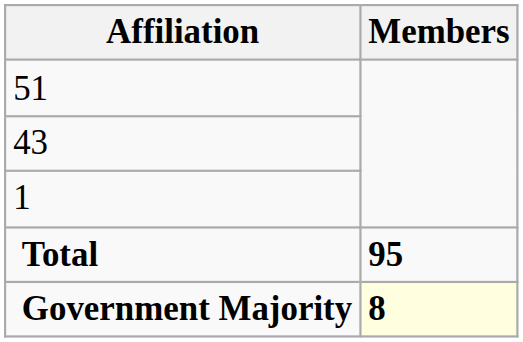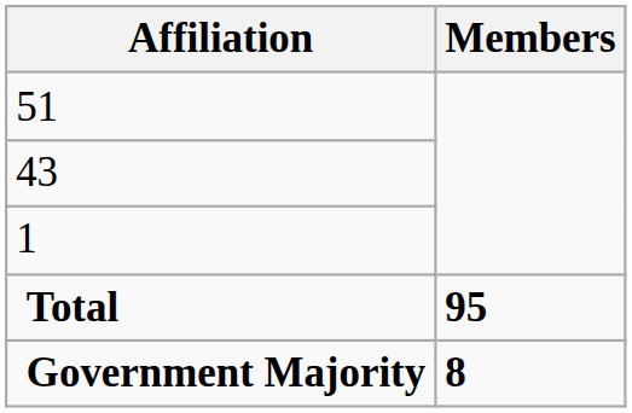 <table class="wikitable">
 <tr>
 <th colspan="2">Affiliation</th>
 <th>Members</th>
 </tr>
 <tr>
 <td>51</td>
 </tr>
 <tr>
 <td>43</td>
 </tr>
 <tr>
 <td>1</td>
 </tr>
 <tr>
 <td colspan="2" style="text-align:left;"> <strong>Total</strong><br></td>
 <td><strong>95</strong></td>
 </tr>
 <tr>
 <td colspan="2" style="text-align:left;"> <strong>Government Majority</strong><br></td>
-<td style="background: lightyellow;"><strong>8</strong></td>
+<td><strong>8</strong></td>
 </tr>
 </table>
